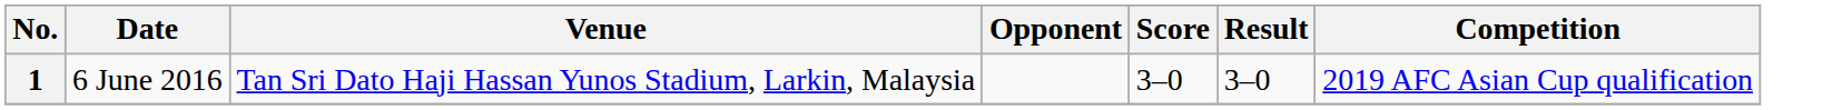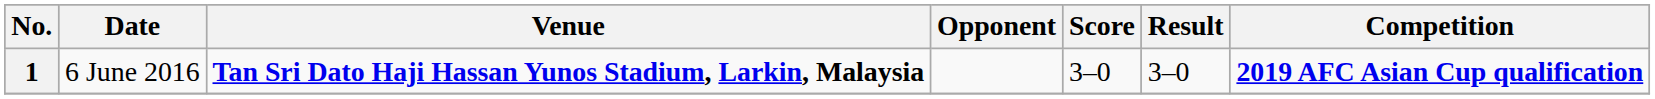 <table class="wikitable sortable plainrowheaders">
 <tr>
 <th scope=col>No.</th>
 <th scope=col data-sort-type=date>Date</th>
 <th scope=col>Venue</th>
 <th scope=col>Opponent</th>
 <th scope=col>Score</th>
 <th scope=col>Result</th>
 <th scope=col>Competition</th>
 </tr>
 <tr>
 <th scope=row>1</th>
 <td rowspan=1>6 June 2016</td>
-<td rowspan=1><a href='#'>Tan Sri Dato Haji Hassan Yunos Stadium</a>, <a href='#'>Larkin</a>, Malaysia</td>
+<td rowspan=1><strong><a href='#'>Tan Sri Dato Haji Hassan Yunos Stadium</a>, <a href='#'>Larkin</a>, Malaysia</strong></td>
 <td rowspan=1></td>
 <td>3–0</td>
 <td rowspan=1>3–0</td>
-<td rowspan=1><a href='#'>2019 AFC Asian Cup qualification</a></td>
+<td rowspan=1><strong><a href='#'>2019 AFC Asian Cup qualification</a></strong></td>
 </tr>
 <tr>
 </tr>
 </table>
